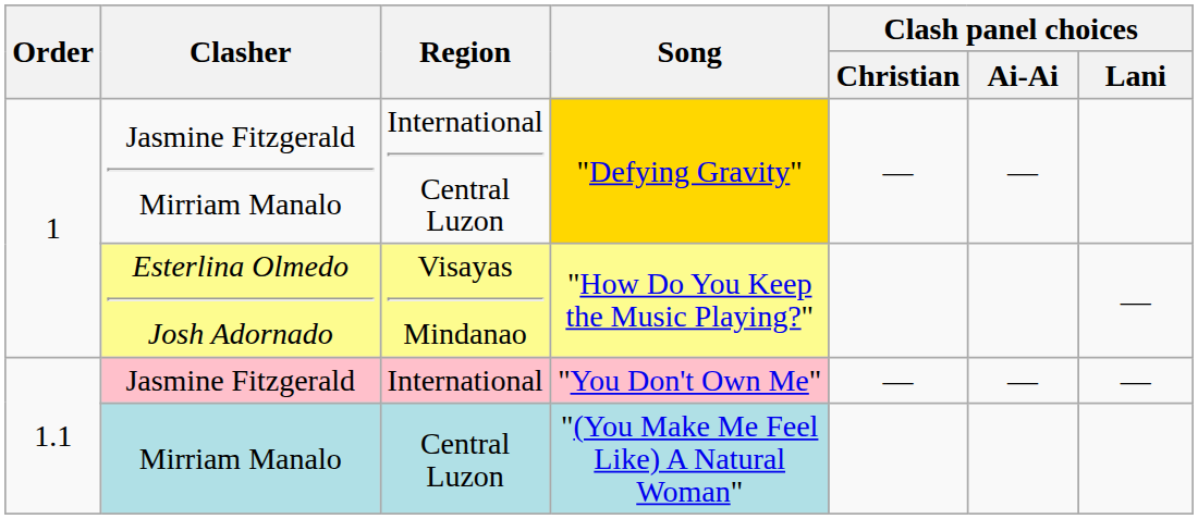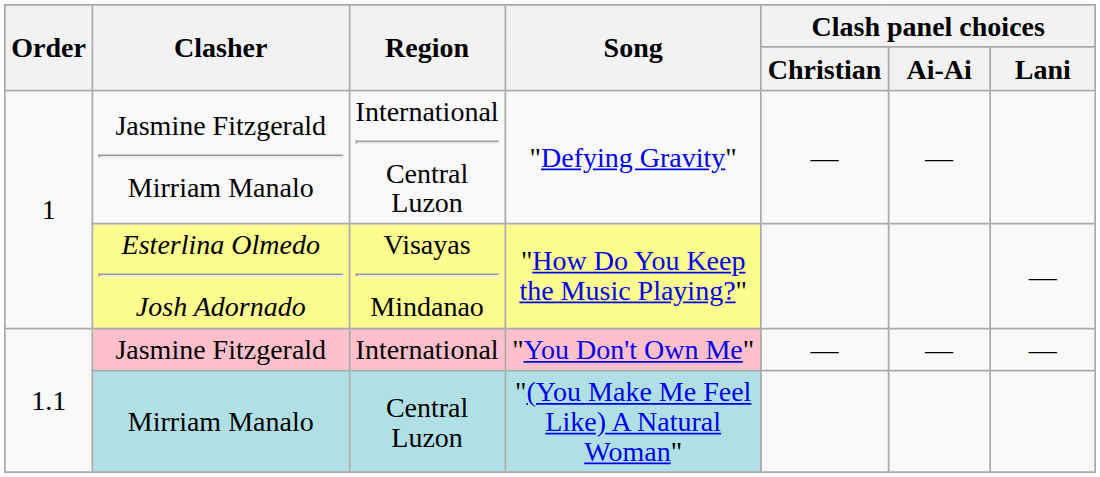 <table class="wikitable" style="text-align:center; line-height:17px; width:100%;">
 <tr>
 <th rowspan="2" width="5%">Order</th>
 <th rowspan="2" width="25%">Clasher</th>
 <th rowspan="2">Region</th>
 <th rowspan="2" width="25%">Song</th>
 <th colspan="3" width="30%">Clash panel choices</th>
 </tr>
 <tr>
 <th width="10%">Christian</th>
 <th width="10%">Ai-Ai</th>
 <th width="10%">Lani</th>
 </tr>
 <tr>
 <td rowspan="2">1</td>
 <td>Jasmine Fitzgerald<hr>Mirriam Manalo</td>
 <td>International<hr>Central Luzon</td>
-<td style="background: gold;">"<a href='#'>Defying Gravity</a>"</td>
+<td>"<a href='#'>Defying Gravity</a>"</td>
 <td>—</td>
 <td>—</td>
 <td><strong></strong></td>
 </tr>
 <tr>
 <td style="background:#fdfc8f;"><em>Esterlina Olmedo</em><hr><em>Josh Adornado</em></td>
 <td style="background:#fdfc8f;">Visayas<hr>Mindanao</td>
 <td style="background:#fdfc8f;">"<a href='#'>How Do You Keep the Music Playing?</a>"</td>
 <td><strong></strong></td>
 <td><strong></strong></td>
 <td>—</td>
 </tr>
 <tr>
 <td rowspan="2">1.1</td>
 <td style="background:pink;">Jasmine Fitzgerald</td>
 <td style="background:pink;">International</td>
 <td style="background:pink;">"<a href='#'>You Don't Own Me</a>"</td>
 <td>—</td>
 <td>—</td>
 <td>—</td>
 </tr>
 <tr>
 <td style="background:#b0e0e6;">Mirriam Manalo</td>
 <td style="background:#b0e0e6;">Central Luzon</td>
 <td style="background:#b0e0e6;">"<a href='#'>(You Make Me Feel Like) A Natural Woman</a>"</td>
 <td><strong></strong></td>
 <td><strong></strong></td>
 <td><strong></strong></td>
 </tr>
 </table>
